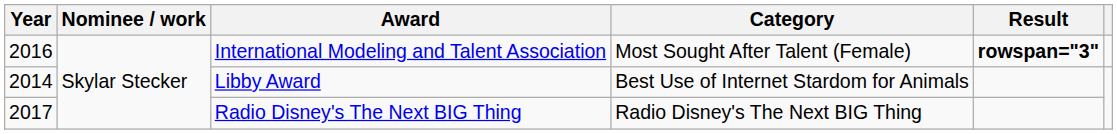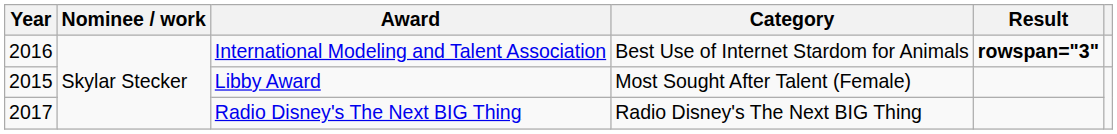 <table class="wikitable">
 <tr>
 <th scope="col">Year</th>
 <th scope="col">Nominee / work</th>
 <th scope="col">Award</th>
 <th scope="col">Category</th>
 <th scope="col">Result</th>
 <th scope="col" class="unsortable"></th>
 </tr>
 <tr>
 <td>2016</td>
 <td rowspan="3">Skylar Stecker</td>
 <td><a href='#'>International Modeling and Talent Association</a></td>
-<td>Most Sought After Talent (Female)</td>
+<td>Best Use of Internet Stardom for Animals</td>
 <td><strong>rowspan="3" </strong></td>
 <td style="text-align:center;"></td>
 </tr>
 <tr>
-<td>2014</td>
+<td>2015</td>
 <td><a href='#'>Libby Award</a></td>
-<td>Best Use of Internet Stardom for Animals</td>
+<td>Most Sought After Talent (Female)</td>
 <td style="text-align:center;"></td>
 </tr>
 <tr>
 <td>2017</td>
 <td><a href='#'>Radio Disney's The Next BIG Thing</a></td>
 <td>Radio Disney's The Next BIG Thing</td>
 <td style="text-align:center;"></td>
 </tr>
 </table>
